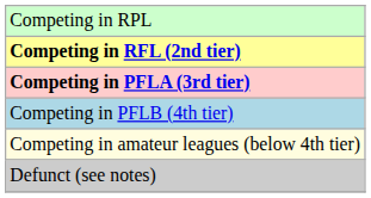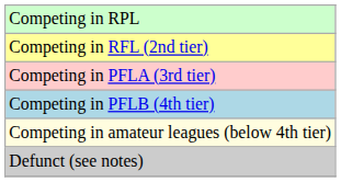 <table class="wikitable" style="font-size:80%">
 <tr>
 <td style="background-color:#CFC; border:1px solid #aaaaaa;">Competing in RPL</td>
 </tr>
 <tr>
-<td style="background-color:#FFFF99; border:1px solid #aaaaaa;"><strong>Competing in <a href='#'>RFL (2nd tier)</a></strong></td>
+<td style="background-color:#FFFF99; border:1px solid #aaaaaa;">Competing in <a href='#'>RFL (2nd tier)</a></td>
 </tr>
 <tr>
-<td style="background-color:#FCC; border:1px solid #aaaaaa;"><strong>Competing in <a href='#'>PFLA (3rd tier)</a></strong></td>
+<td style="background-color:#FCC; border:1px solid #aaaaaa;">Competing in <a href='#'>PFLA (3rd tier)</a></td>
 </tr>
 <tr>
 <td style="background-color:lightblue; border:1px solid #aaaaaa;">Competing in <a href='#'>PFLB (4th tier)</a></td>
 </tr>
 <tr>
 <td style="background-color:#fffddf; border:1px solid #aaaaaa;">Competing in amateur leagues (below 4th tier)</td>
 </tr>
 <tr>
 <td style="background-color:#CCC; border:1px solid #aaaaaa;">Defunct (see notes)</td>
 </tr>
 <tr>
 </tr>
 </table>
